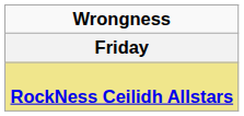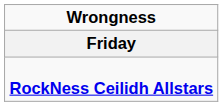 <table class="wikitable">
 <tr>
 <td colspan="1" align="center"><strong>Wrongness</strong></td>
 </tr>
 <tr>
 <th>Friday</th>
 </tr>
 <tr>
-<td valign="top" align="center" width=200 style="background: khaki;"><br><strong><a href='#'>RockNess Ceilidh Allstars</a></strong></td>
+<td valign="top" align="center" width=200><br><strong><a href='#'>RockNess Ceilidh Allstars</a></strong></td>
 </tr>
 </table>
